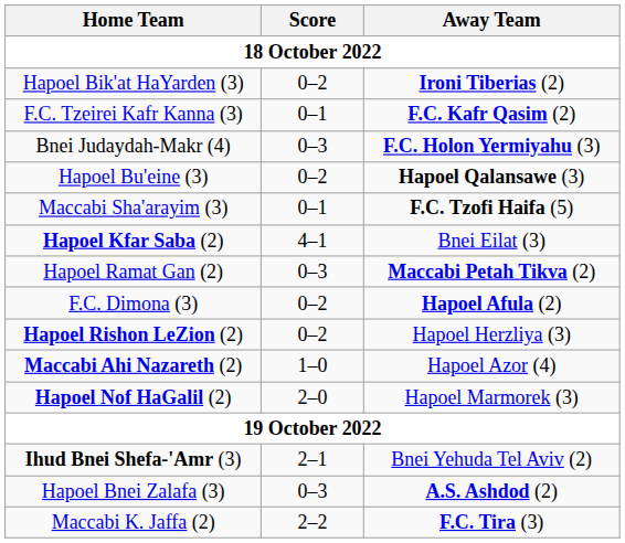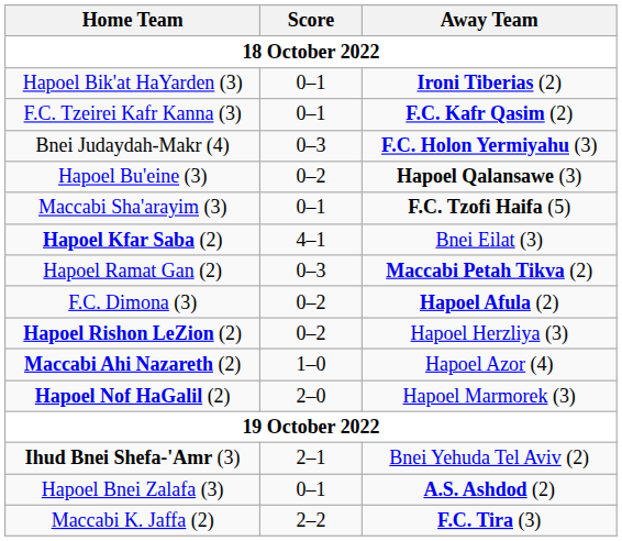 <table class="wikitable" style="text-align: center;">
 <tr>
 <th width="200px">Home Team</th>
 <th width="75px">Score</th>
 <th width="200px">Away Team</th>
 </tr>
 <tr>
 <td colspan=4 bgcolor=White><strong>18 October 2022</strong></td>
 </tr>
 <tr>
 <td><a href='#'>Hapoel Bik'at HaYarden</a> (3)</td>
-<td>0–2</td>
+<td>0–1</td>
 <td><strong><a href='#'>Ironi Tiberias</a></strong> (2)</td>
 </tr>
 <tr>
 <td><a href='#'>F.C. Tzeirei Kafr Kanna</a> (3)</td>
 <td>0–1 </td>
 <td><strong><a href='#'>F.C. Kafr Qasim</a></strong> (2)</td>
 </tr>
 <tr>
 <td>Bnei Judaydah-Makr (4)</td>
 <td>0–3</td>
 <td><strong><a href='#'>F.C. Holon Yermiyahu</a></strong> (3)</td>
 </tr>
 <tr>
 <td><a href='#'>Hapoel Bu'eine</a> (3)</td>
 <td>0–2</td>
 <td><strong>Hapoel Qalansawe</strong> (3)</td>
 </tr>
 <tr>
 <td><a href='#'>Maccabi Sha'arayim</a> (3)</td>
 <td>0–1</td>
 <td><strong>F.C. Tzofi Haifa</strong> (5)</td>
 </tr>
 <tr>
 <td><strong><a href='#'>Hapoel Kfar Saba</a></strong> (2)</td>
 <td>4–1</td>
 <td><a href='#'>Bnei Eilat</a> (3)</td>
 </tr>
 <tr>
 <td><a href='#'>Hapoel Ramat Gan</a> (2)</td>
 <td>0–3</td>
 <td><strong><a href='#'>Maccabi Petah Tikva</a></strong> (2)</td>
 </tr>
 <tr>
 <td><a href='#'>F.C. Dimona</a> (3)</td>
 <td>0–2 </td>
 <td><strong><a href='#'>Hapoel Afula</a></strong> (2)</td>
 </tr>
 <tr>
 <td><strong><a href='#'>Hapoel Rishon LeZion</a></strong> (2)</td>
 <td>0–2</td>
 <td><a href='#'>Hapoel Herzliya</a> (3)</td>
 </tr>
 <tr>
 <td><strong><a href='#'>Maccabi Ahi Nazareth</a></strong> (2)</td>
 <td>1–0</td>
 <td><a href='#'>Hapoel Azor</a> (4)</td>
 </tr>
 <tr>
 <td><strong><a href='#'>Hapoel Nof HaGalil</a></strong> (2)</td>
 <td>2–0</td>
 <td><a href='#'>Hapoel Marmorek</a> (3)</td>
 </tr>
 <tr>
 <td colspan=4 bgcolor=White><strong>19 October 2022</strong></td>
 </tr>
 <tr>
 <td><strong>Ihud Bnei Shefa-'Amr</strong> (3)</td>
 <td>2–1</td>
 <td><a href='#'>Bnei Yehuda Tel Aviv</a> (2)</td>
 </tr>
 <tr>
 <td><a href='#'>Hapoel Bnei Zalafa</a> (3)</td>
-<td>0–3</td>
+<td>0–1</td>
 <td><a href='#'><strong>A.S. Ashdod</strong></a> (2)</td>
 </tr>
 <tr>
 <td><a href='#'>Maccabi K. Jaffa</a> (2)</td>
 <td>2–2  </td>
 <td><strong><a href='#'>F.C. Tira</a></strong> (3)</td>
 </tr>
 </table>
